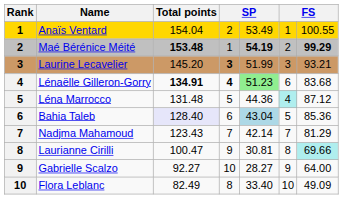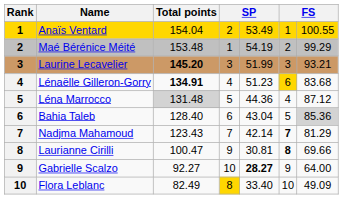 <table class="wikitable sortable">
 <tr>
 <th>Rank</th>
 <th>Name</th>
 <th>Total points</th>
 <th colspan="2" width="80px"><a href='#'>SP</a></th>
 <th colspan="2" width="80px"><a href='#'>FS</a></th>
 </tr>
 <tr bgcolor="gold">
 <td align="center"><strong>1</strong></td>
 <td><a href='#'>Anaïs Ventard</a></td>
 <td align="center">154.04</td>
 <td align="center">2</td>
 <td align="center">53.49</td>
 <td align="center">1</td>
 <td align="center">100.55</td>
 </tr>
 <tr bgcolor="silver">
 <td align="center"><strong>2</strong></td>
 <td><a href='#'>Maé Bérénice Méité</a></td>
-<td align="center"><strong>153.48</strong></td>
+<td align="center">153.48</td>
 <td align="center">1</td>
-<td align="center"><strong>54.19</strong></td>
+<td align="center">54.19</td>
 <td align="center">2</td>
-<td align="center"><strong>99.29</strong></td>
+<td align="center">99.29</td>
 </tr>
 <tr bgcolor="cc9966">
 <td align="center"><strong>3</strong></td>
 <td><a href='#'>Laurine Lecavelier</a></td>
-<td align="center">145.20</td>
-<td align="center"><strong>3</strong></td>
+<td align="center"><strong>145.20</strong></td>
+<td align="center">3</td>
 <td align="center">51.99</td>
 <td align="center">3</td>
 <td align="center">93.21</td>
 </tr>
 <tr>
 <th>4</th>
 <td><a href='#'>Lénaëlle Gilleron-Gorry</a></td>
 <td align="center"><strong>134.91</strong></td>
-<td align="center"><strong>4</strong></td>
-<td align="center" style="background: lightgreen;">51.23</td>
-<td align="center">6</td>
+<td align="center">4</td>
+<td align="center">51.23</td>
+<td align="center" style="background: gold;">6</td>
 <td align="center">83.68</td>
 </tr>
 <tr>
 <th>5</th>
 <td><a href='#'>Léna Marrocco</a></td>
-<td align="center">131.48</td>
+<td align="center" style="background: lightgrey;">131.48</td>
 <td align="center">5</td>
 <td align="center">44.36</td>
-<td align="center" style="background: paleturquoise;">4</td>
+<td align="center">4</td>
 <td align="center">87.12</td>
 </tr>
 <tr>
 <th>6</th>
 <td><a href='#'>Bahia Taleb</a></td>
-<td align="center" style="background: lavender;">128.40</td>
+<td align="center">128.40</td>
 <td align="center">6</td>
-<td align="center" style="background: lightblue;">43.04</td>
+<td align="center">43.04</td>
 <td align="center">5</td>
-<td align="center">85.36</td>
+<td align="center" style="background: lightgrey;">85.36</td>
 </tr>
 <tr>
 <th>7</th>
 <td><a href='#'>Nadjma Mahamoud</a></td>
 <td align="center">123.43</td>
 <td align="center">7</td>
 <td align="center">42.14</td>
-<td align="center">7</td>
+<td align="center"><strong>7</strong></td>
 <td align="center">81.29</td>
 </tr>
 <tr>
 <th>8</th>
 <td><a href='#'>Laurianne Cirilli</a></td>
 <td align="center">100.47</td>
 <td align="center">9</td>
 <td align="center">30.81</td>
-<td align="center">8</td>
-<td align="center" style="background: paleturquoise;">69.66</td>
+<td align="center"><strong>8</strong></td>
+<td align="center">69.66</td>
 </tr>
 <tr>
 <th>9</th>
 <td><a href='#'>Gabrielle Scalzo</a></td>
 <td align="center">92.27</td>
 <td align="center">10</td>
-<td align="center">28.27</td>
+<td align="center"><strong>28.27</strong></td>
 <td align="center">9</td>
 <td align="center">64.00</td>
 </tr>
 <tr>
 <th>10</th>
 <td><a href='#'>Flora Leblanc</a></td>
 <td align="center">82.49</td>
-<td align="center">8</td>
+<td align="center" style="background: gold;">8</td>
 <td align="center">33.40</td>
 <td align="center">10</td>
 <td align="center">49.09</td>
 </tr>
 </table>
